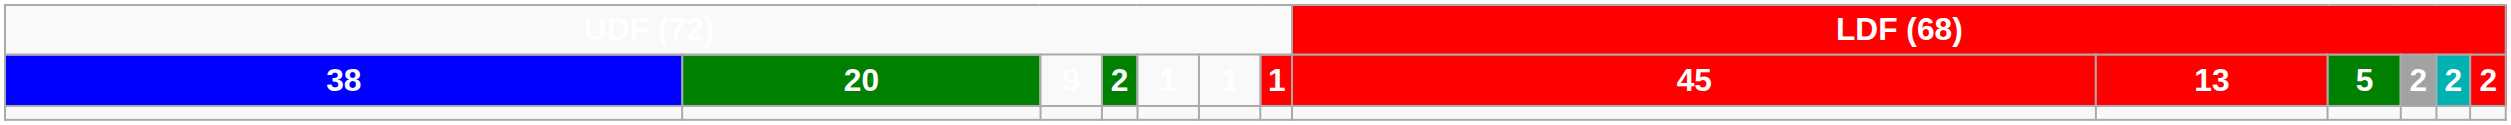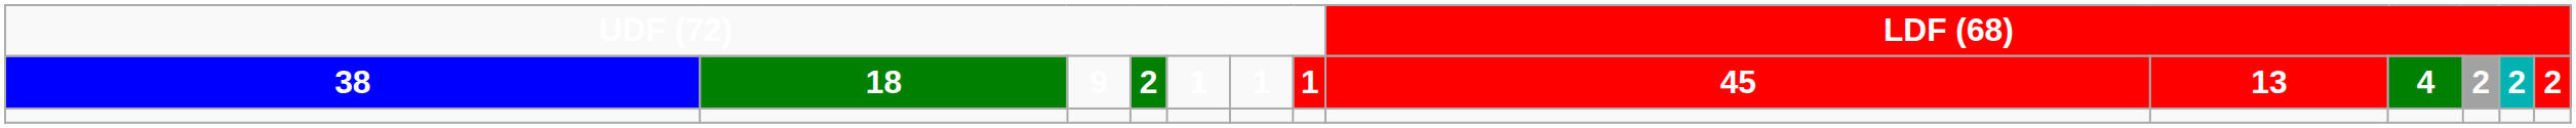 <table class="wikitable" style="width:100%; text-align:center;">
 <tr style="color:white;">
 <td colspan=7 align=center style="background:"><strong>UDF (72)</strong></td>
 <td colspan="6" align="center" style="background:Red"><strong>LDF (68)</strong></td>
 </tr>
 <tr style="color:white;">
 <td style="background:blue; width:27.1%;"><strong>38</strong></td>
-<td style="background:green; width:14.3%;"><strong>20</strong></td>
+<td style="background:green; width:14.3%;"><strong>18</strong></td>
 <td style="background:"><strong>9</strong></td>
 <td style="background:green; width:1.4%;"><strong>2</strong></td>
 <td style="background:"><strong>1</strong></td>
 <td style="background:"><strong>1</strong></td>
 <td style="background:red; width:0.7%;"><strong>1</strong></td>
 <td style="background:red; width:32.1%;"><strong>45</strong></td>
 <td style="background:red; width:9.3%;"><strong>13</strong></td>
-<td style="background:green; width:2.9%;"><strong>5</strong></td>
+<td style="background:green; width:2.9%;"><strong>4</strong></td>
 <td style="background:#A2A2A2; width:1.4%;"><strong>2</strong></td>
 <td style="background:#00B2B2; width:1.4%;"><strong>2</strong></td>
 <td style="background:red; width:1.4%;"><strong>2</strong></td>
 </tr>
 <tr>
 <td></td>
 <td></td>
 <td></td>
 <td></td>
 <td></td>
 <td></td>
 <td></td>
 <td></td>
 <td></td>
 <td></td>
 <td></td>
 <td></td>
 <td></td>
 </tr>
 </table>
